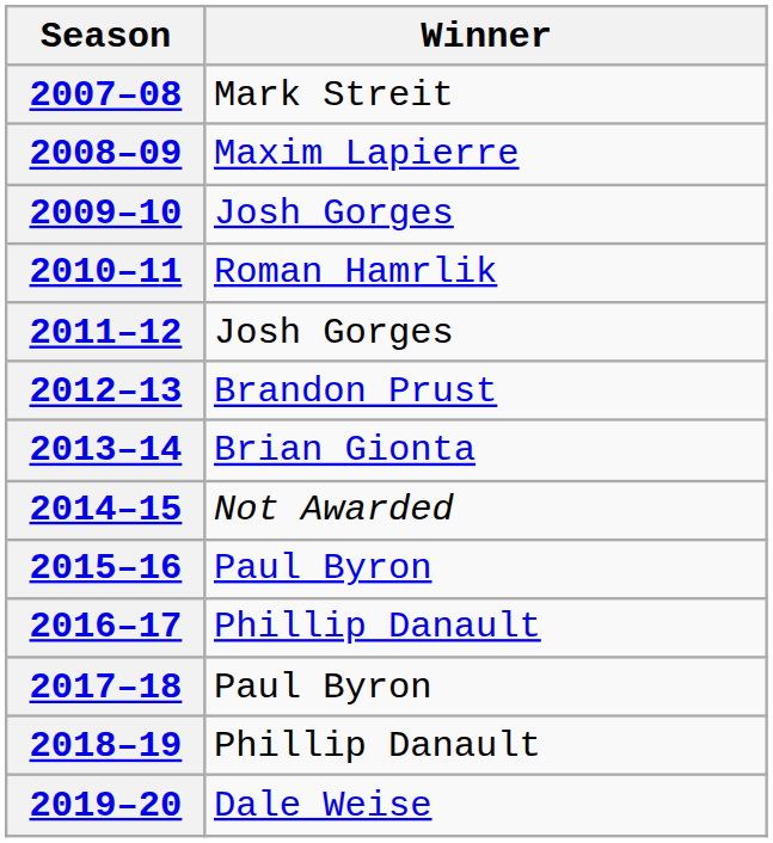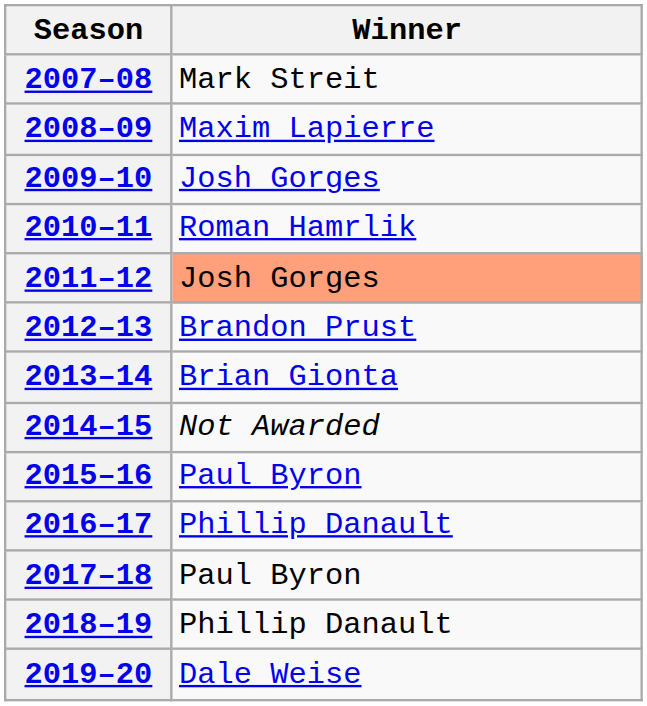 <table class="wikitable">
 <tr>
 <th scope="col" style="width:5em">Season</th>
 <th scope="col" style="width:15em">Winner</th>
 </tr>
 <tr>
 <th scope="row"><a href='#'>2007–08</a></th>
 <td>Mark Streit</td>
 </tr>
 <tr>
 <th scope="row"><a href='#'>2008–09</a></th>
 <td><a href='#'>Maxim Lapierre</a></td>
 </tr>
 <tr>
 <th scope="row"><a href='#'>2009–10</a></th>
 <td><a href='#'>Josh Gorges</a></td>
 </tr>
 <tr>
 <th scope="row"><a href='#'>2010–11</a></th>
 <td><a href='#'>Roman Hamrlik</a></td>
 </tr>
 <tr>
 <th scope="row"><a href='#'>2011–12</a></th>
-<td>Josh Gorges</td>
+<td style="background: lightsalmon;">Josh Gorges</td>
 </tr>
 <tr>
 <th scope="row"><a href='#'>2012–13</a></th>
 <td><a href='#'>Brandon Prust</a></td>
 </tr>
 <tr>
 <th scope="row"><a href='#'>2013–14</a></th>
 <td><a href='#'>Brian Gionta</a></td>
 </tr>
 <tr>
 <th scope="row"><a href='#'>2014–15</a></th>
 <td><em>Not Awarded</em></td>
 </tr>
 <tr>
 <th scope="row"><a href='#'>2015–16</a></th>
 <td><a href='#'>Paul Byron</a></td>
 </tr>
 <tr>
 <th scope="row"><a href='#'>2016–17</a></th>
 <td><a href='#'>Phillip Danault</a></td>
 </tr>
 <tr>
 <th scope="row"><a href='#'>2017–18</a></th>
 <td>Paul Byron</td>
 </tr>
 <tr>
 <th scope="row"><a href='#'>2018–19</a></th>
 <td>Phillip Danault</td>
 </tr>
 <tr>
 <th scope="row"><a href='#'>2019–20</a></th>
 <td><a href='#'>Dale Weise</a></td>
 </tr>
 </table>
